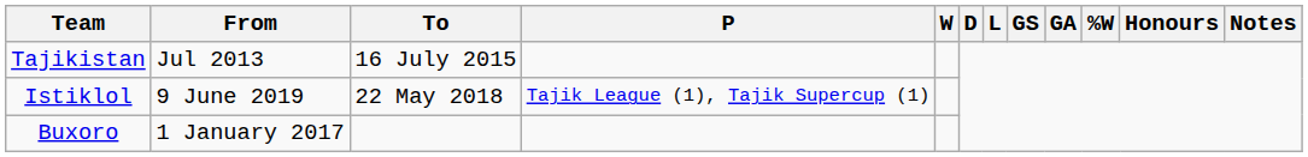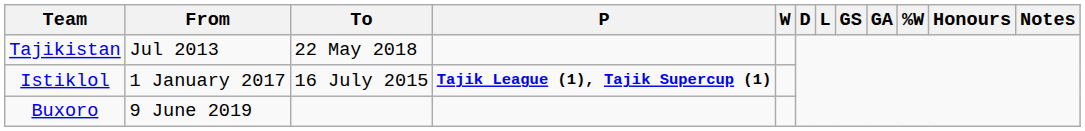 <table class="wikitable sortable" style="text-align: center">
 <tr>
 <th class="unsortable">Team</th>
 <th class="unsortable">From</th>
 <th class="unsortable">To</th>
 <th abbr="TOTAL OF MATCHES PLAYED">P</th>
 <th abbr="MATCHES WON">W</th>
 <th abbr="MATCHES DRAWN">D</th>
 <th abbr="MATCHES LOST">L</th>
 <th abbr="GOALS SCORED">GS</th>
 <th abbr="GOAL AGAINST">GA</th>
 <th abbr="PERCENTAGE OF MATCHES WON">%W</th>
 <th abbr="HONOURS">Honours</th>
 <th abbr="NOTES">Notes</th>
 </tr>
 <tr>
 <td> <a href='#'>Tajikistan</a></td>
 <td align=left>Jul 2013</td>
-<td align=left>16 July 2015<br></td>
+<td align=left>22 May 2018<br></td>
 <td style="text-align:left;font-size:smaller"></td>
 <td></td>
 </tr>
 <tr>
 <td> <a href='#'>Istiklol</a></td>
-<td align=left>9 June 2019</td>
-<td align=left>22 May 2018<br></td>
-<td style="text-align:left;font-size:smaller"><a href='#'>Tajik League</a> (1), <a href='#'>Tajik Supercup</a> (1)</td>
+<td align=left>1 January 2017</td>
+<td align=left>16 July 2015<br></td>
+<td style="text-align:left;font-size:smaller"><strong><a href='#'>Tajik League</a> (1), <a href='#'>Tajik Supercup</a> (1)</strong></td>
 <td></td>
 </tr>
 <tr>
 <td> <a href='#'>Buxoro</a></td>
-<td align=left>1 January 2017</td>
+<td align=left>9 June 2019</td>
 <td align=left><br></td>
 <td style="text-align:left;font-size:smaller"></td>
 <td></td>
 </tr>
 </table>
